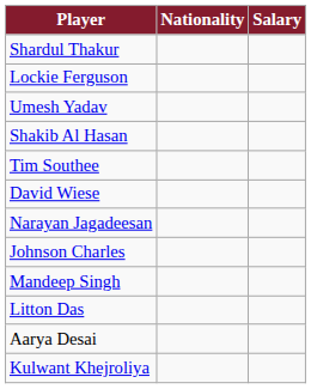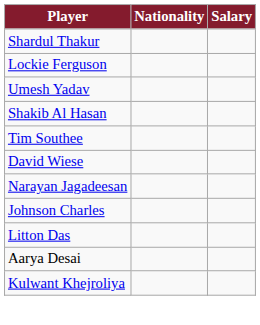 <table class="wikitable" style="font-size:90%;">
 <tr>
 <th style="background: #841B2D;color:white">Player</th>
 <th style="background: #841B2D;color:white">Nationality</th>
 <th style="background: #841B2D;color:white">Salary</th>
 </tr>
 <tr>
 <td><a href='#'>Shardul Thakur</a></td>
 <td></td>
 <td></td>
 </tr>
 <tr>
 <td><a href='#'>Lockie Ferguson</a></td>
 <td></td>
 <td></td>
 </tr>
 <tr>
 <td><a href='#'>Umesh Yadav</a></td>
 <td></td>
 <td></td>
 </tr>
 <tr>
 <td><a href='#'>Shakib Al Hasan</a></td>
 <td></td>
 <td></td>
 </tr>
 <tr>
 <td><a href='#'>Tim Southee</a></td>
 <td></td>
 <td></td>
 </tr>
 <tr>
 <td><a href='#'>David Wiese</a></td>
 <td></td>
 <td></td>
 </tr>
 <tr>
 <td><a href='#'>Narayan Jagadeesan</a></td>
 <td></td>
 <td></td>
 </tr>
 <tr>
 <td><a href='#'>Johnson Charles</a></td>
 <td></td>
 <td></td>
 </tr>
 <tr>
-<td><a href='#'>Mandeep Singh</a></td>
-<td></td>
-<td></td>
-</tr>
-<tr>
 <td><a href='#'>Litton Das</a></td>
 <td></td>
 <td></td>
 </tr>
 <tr>
 <td>Aarya Desai</td>
 <td></td>
 <td></td>
 </tr>
 <tr>
 <td><a href='#'>Kulwant Khejroliya</a></td>
 <td></td>
 <td></td>
 </tr>
 </table>
